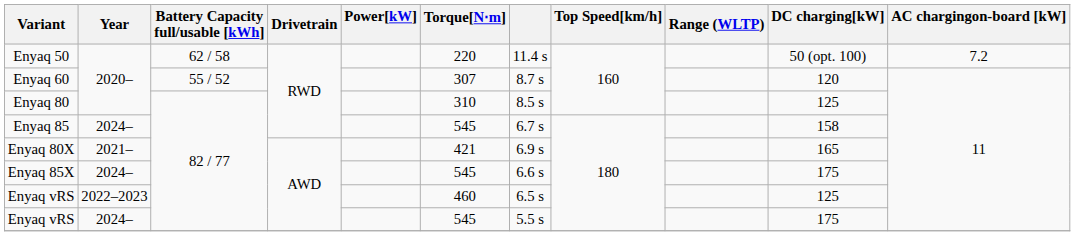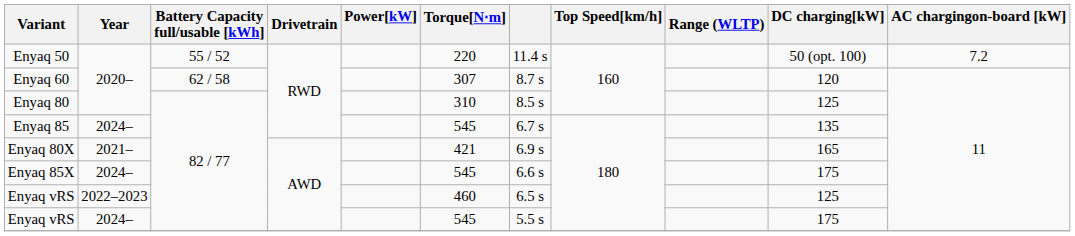 <table class="wikitable" style="text-align: center;">
 <tr>
 <th>Variant</th>
 <th>Year</th>
 <th>Battery Capacity<br>full/usable [<a href='#'>kWh</a>]</th>
 <th>Drivetrain</th>
 <th>Power[<a href='#'>kW</a>]</p></th>
 <th>Torque[<a href='#'>N⋅m</a>]</p></th>
 <th></th>
 <th>Top Speed[km/h]</p></th>
 <th>Range (<a href='#'>WLTP</a>)</th>
 <th>DC charging[kW]</p></th>
 <th>AC chargingon-board [kW]</p></th>
 </tr>
 <tr>
 <td>Enyaq 50</td>
 <td rowspan="3">2020–</td>
-<td>62 / 58</td>
+<td>55 / 52</td>
 <td rowspan="4">RWD</td>
 <td></td>
 <td>220</td>
 <td>11.4 s</td>
 <td rowspan="3">160</td>
 <td></td>
 <td>50 (opt. 100)</td>
 <td>7.2</td>
 </tr>
 <tr>
 <td>Enyaq 60</td>
-<td>55 / 52</td>
+<td>62 / 58</td>
 <td></td>
 <td>307</td>
 <td>8.7 s</td>
 <td></td>
 <td>120</td>
 <td rowspan="7">11</td>
 </tr>
 <tr>
 <td>Enyaq 80</td>
 <td rowspan="6">82 / 77</td>
 <td></td>
 <td>310</td>
 <td>8.5 s</td>
 <td></td>
 <td rowspan="1">125</td>
 </tr>
 <tr>
 <td>Enyaq 85</td>
 <td rowspan="1">2024–</td>
 <td></td>
 <td>545</td>
 <td>6.7 s</td>
 <td rowspan="5">180</td>
 <td rowspan="1"></td>
-<td rowspan="1">158</td>
+<td rowspan="1">135</td>
 </tr>
 <tr>
 <td>Enyaq 80X</td>
 <td rowspan="1">2021–</td>
 <td rowspan="4">AWD</td>
 <td></td>
 <td>421</td>
 <td>6.9 s</td>
 <td rowspan="1"></td>
 <td rowspan="1">165</td>
 </tr>
 <tr>
 <td>Enyaq 85X</td>
 <td rowspan="1">2024–</td>
 <td></td>
 <td>545</td>
 <td>6.6 s</td>
 <td rowspan="1"></td>
 <td rowspan="1">175</td>
 </tr>
 <tr>
 <td>Enyaq vRS</td>
 <td rowspan="1">2022–2023</td>
 <td></td>
 <td>460</td>
 <td>6.5 s</td>
 <td></td>
 <td rowspan="1">125</td>
 </tr>
 <tr>
 <td>Enyaq vRS</td>
 <td rowspan="1">2024–</td>
 <td></td>
 <td>545</td>
 <td>5.5 s</td>
 <td rowspan="1"></td>
 <td rowspan="1">175</td>
 </tr>
 <tr>
 </tr>
 </table>
